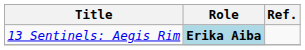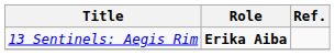 <table class="wikitable">
 <tr>
 <th>Title</th>
 <th>Role</th>
 <th>Ref.</th>
 </tr>
 <tr>
 <td><em><a href='#'>13 Sentinels: Aegis Rim</a></em></td>
-<td style="background: lightblue;"><strong>Erika Aiba</strong></td>
+<td><strong>Erika Aiba</strong></td>
 <td></td>
 </tr>
 <tr>
 </tr>
 </table>
